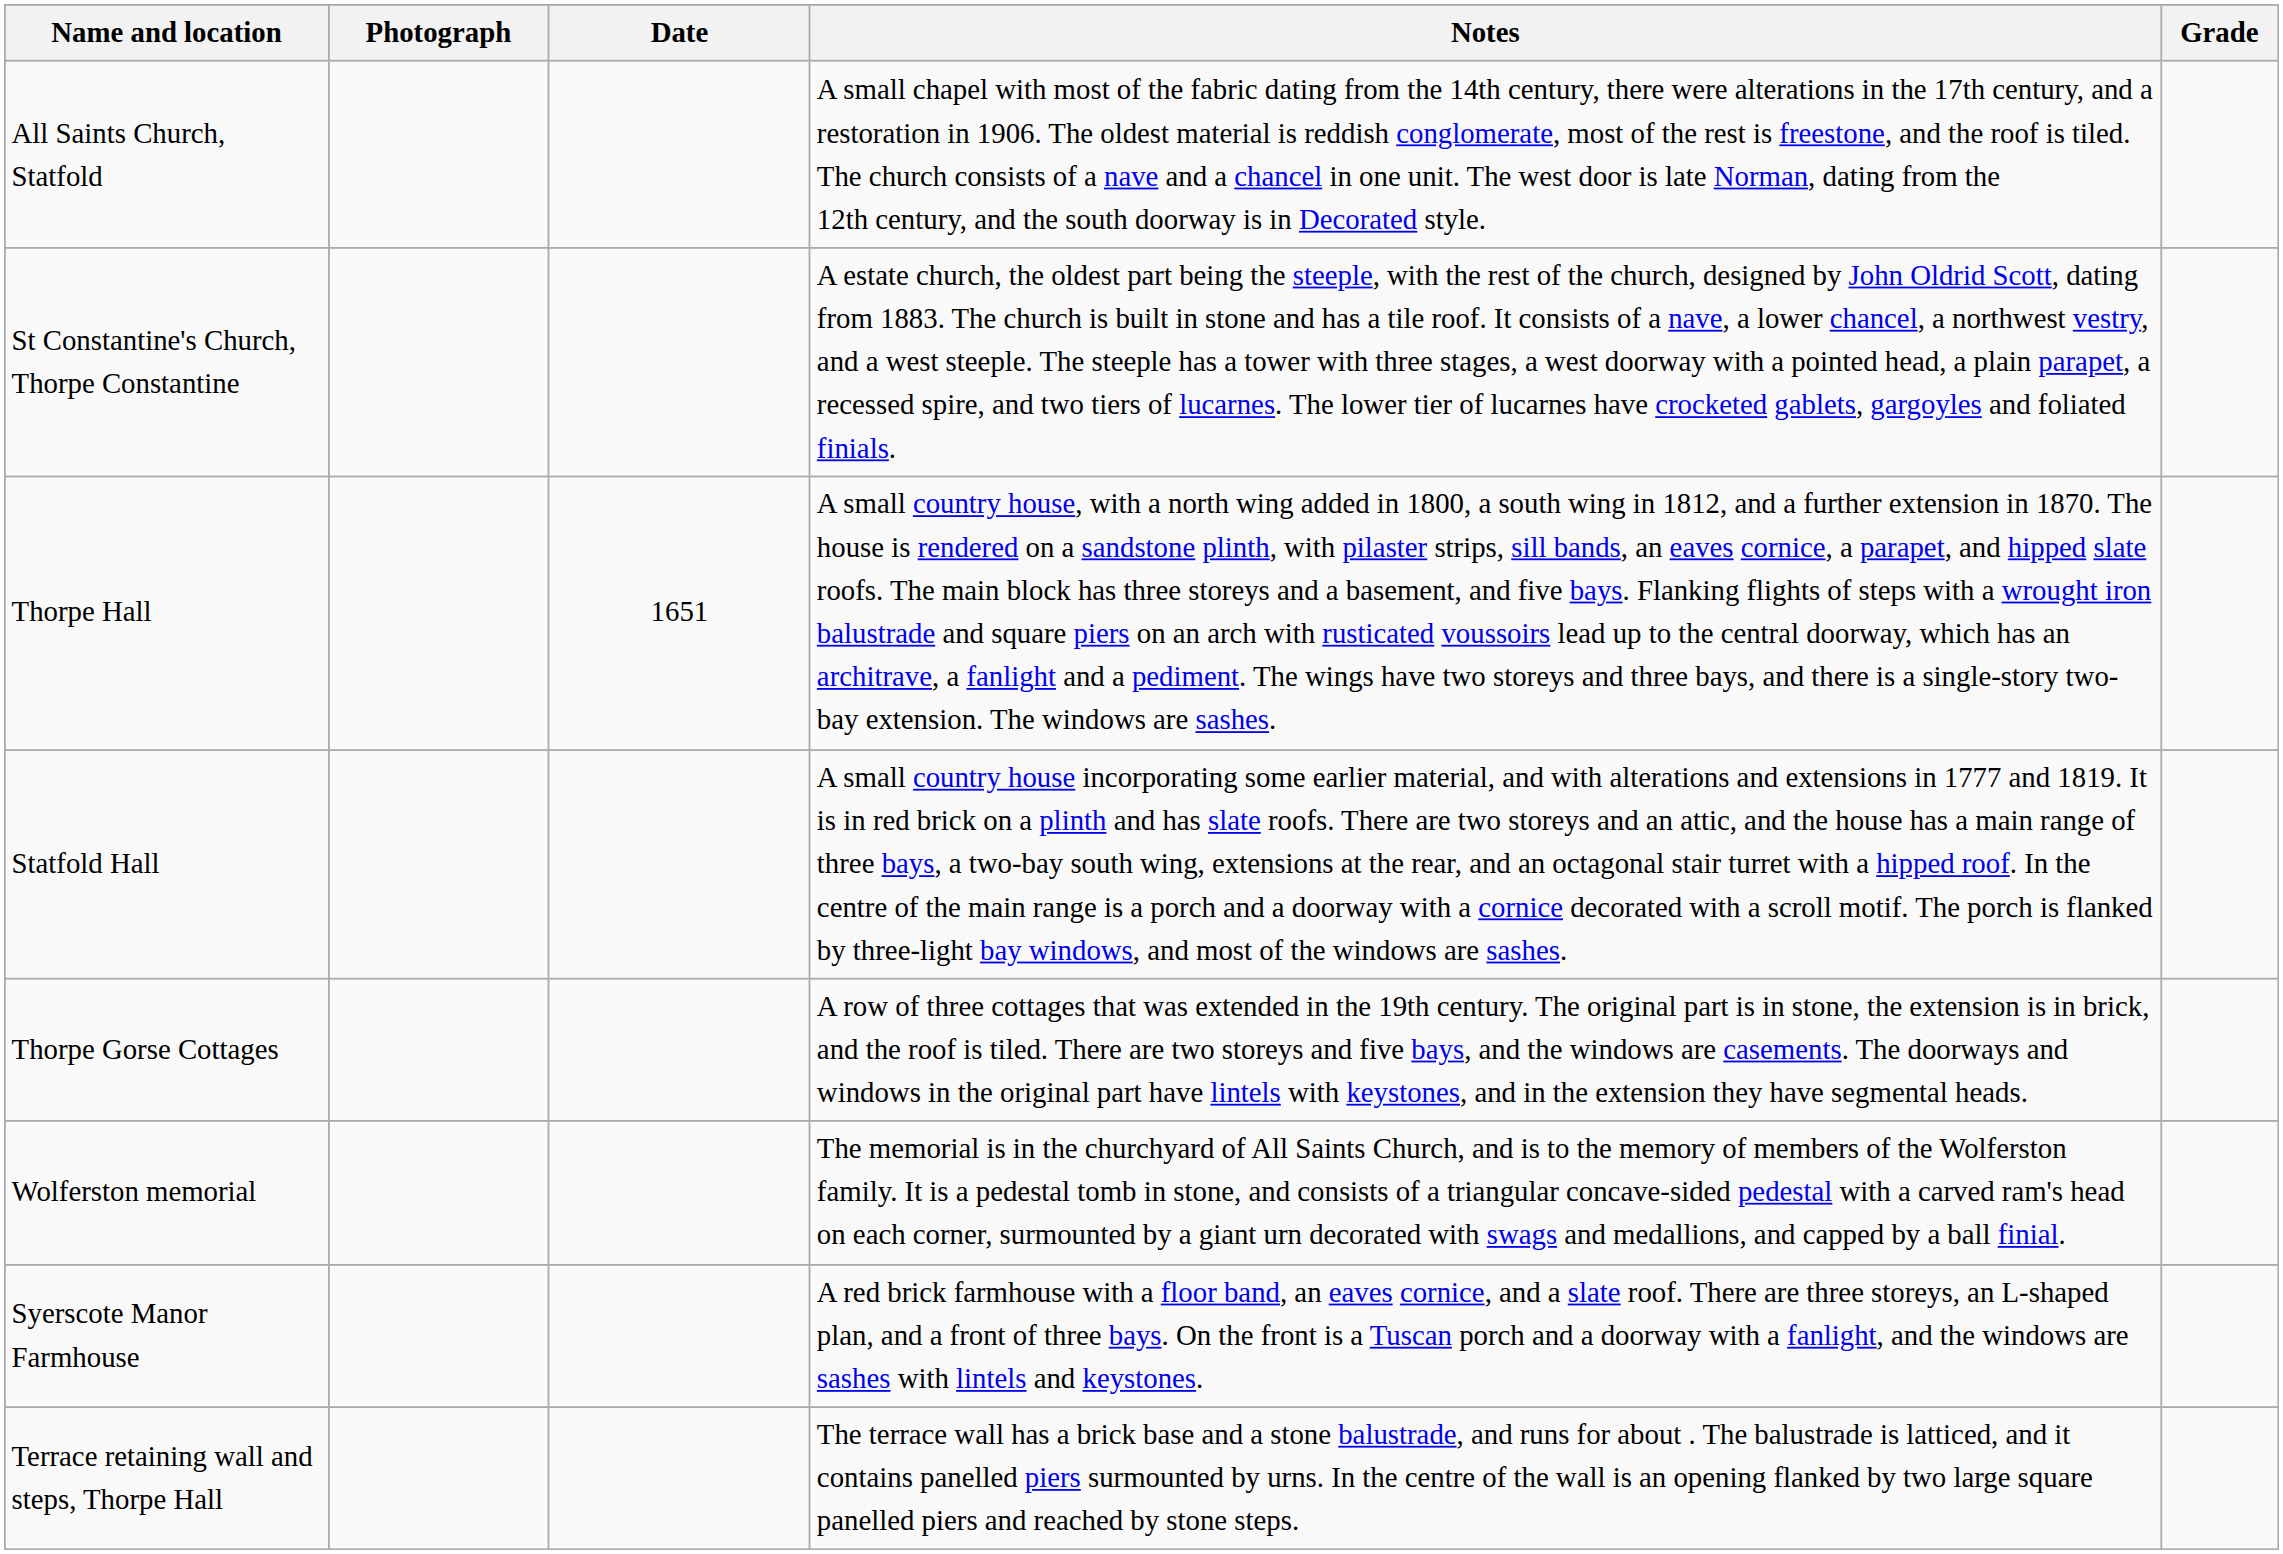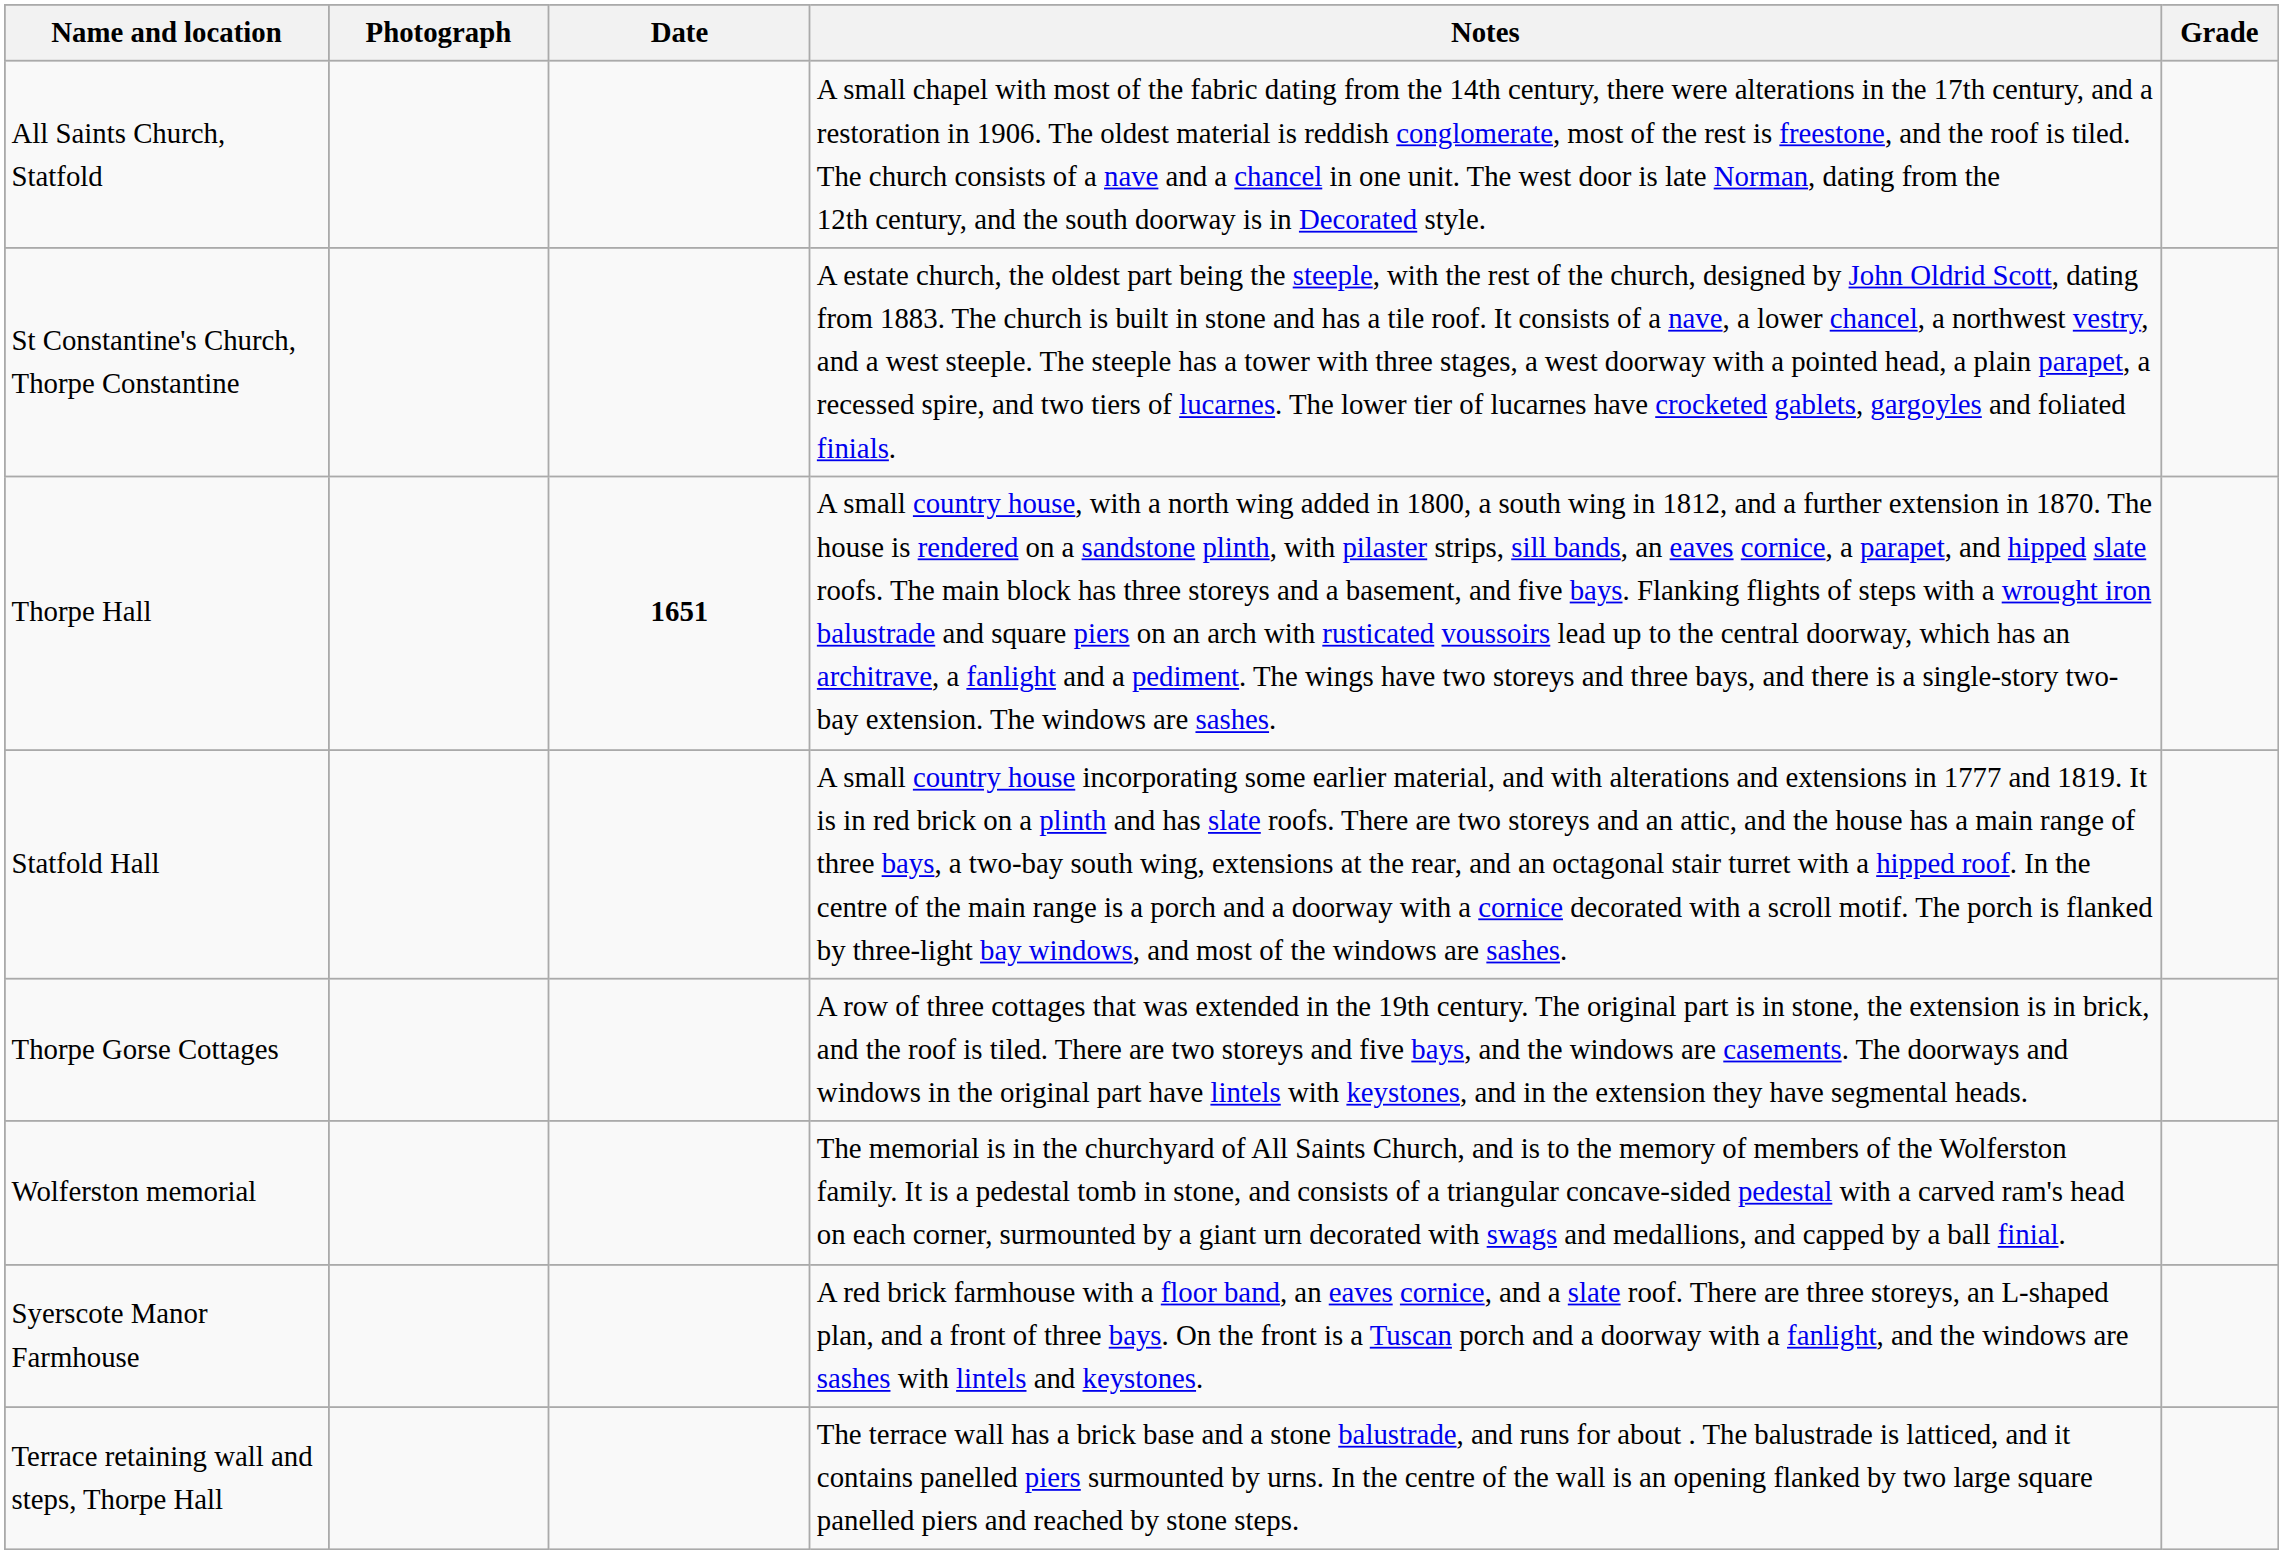 <table class="wikitable sortable plainrowheaders" style="width:100%; border:0; text-align:left; line-height:150%;">
 <tr>
 <th scope="col"  style="width:150px">Name and location</th>
 <th scope="col"  style="width:100px" class="unsortable">Photograph</th>
 <th scope="col"  style="width:120px">Date</th>
 <th scope="col"  style="width:650px" class="unsortable">Notes</th>
 <th scope="col"  style="width:50px">Grade</th>
 </tr>
 <tr>
 <td>All Saints Church, Statfold<br><small></small></td>
 <td></td>
 <td align="center"></td>
 <td>A small chapel with most of the fabric dating from the 14th century, there were alterations in the 17th century, and a restoration in 1906.  The oldest material is reddish <a href='#'>conglomerate</a>, most of the rest is <a href='#'>freestone</a>, and the roof is tiled.  The church consists of a <a href='#'>nave</a> and a <a href='#'>chancel</a> in one unit.  The west door is late <a href='#'>Norman</a>, dating from the 12th century, and the south doorway is in <a href='#'>Decorated</a> style.</td>
 <td align="center" ></td>
 </tr>
 <tr>
 <td>St Constantine's Church, Thorpe Constantine<br><small></small></td>
 <td></td>
 <td align="center"></td>
 <td>A estate church, the oldest part being the <a href='#'>steeple</a>, with the rest of the church, designed by <a href='#'>John Oldrid Scott</a>, dating from 1883.  The church is built in stone and has a tile roof.  It consists of a <a href='#'>nave</a>, a lower <a href='#'>chancel</a>, a northwest <a href='#'>vestry</a>, and a west steeple.  The steeple has a tower with three stages, a west doorway with a pointed head, a plain <a href='#'>parapet</a>, a recessed spire, and two tiers of <a href='#'>lucarnes</a>.  The lower tier of lucarnes have <a href='#'>crocketed</a> <a href='#'>gablets</a>, <a href='#'>gargoyles</a> and foliated <a href='#'>finials</a>.</td>
 <td align="center" ></td>
 </tr>
 <tr>
 <td>Thorpe Hall<br><small></small></td>
 <td></td>
-<td align="center">1651</td>
+<td align="center"><strong>1651</strong></td>
 <td>A small <a href='#'>country house</a>, with a north wing added in 1800, a south wing in 1812, and a further extension in 1870.  The house is <a href='#'>rendered</a> on a <a href='#'>sandstone</a> <a href='#'>plinth</a>, with <a href='#'>pilaster</a> strips, <a href='#'>sill bands</a>, an <a href='#'>eaves</a> <a href='#'>cornice</a>, a <a href='#'>parapet</a>, and <a href='#'>hipped</a> <a href='#'>slate</a> roofs.  The main block has three storeys and a basement, and five <a href='#'>bays</a>.  Flanking flights of steps with a <a href='#'>wrought iron</a> <a href='#'>balustrade</a> and square <a href='#'>piers</a> on an arch with <a href='#'>rusticated</a> <a href='#'>voussoirs</a> lead up to the central doorway, which has an <a href='#'>architrave</a>, a <a href='#'>fanlight</a> and a <a href='#'>pediment</a>.  The wings have two storeys and three bays, and there is a single-story two-bay extension.  The windows are <a href='#'>sashes</a>.</td>
 <td align="center" ></td>
 </tr>
 <tr>
 <td>Statfold Hall<br><small></small></td>
 <td></td>
 <td align="center"></td>
 <td>A small <a href='#'>country house</a> incorporating some earlier material, and with alterations and extensions in 1777 and 1819.  It is in red brick on a <a href='#'>plinth</a> and has <a href='#'>slate</a> roofs.  There are two storeys and an attic, and the house has a main range of three <a href='#'>bays</a>, a two-bay south wing, extensions at the rear, and an octagonal stair turret with a <a href='#'>hipped roof</a>.  In the centre of the main range is a porch and a doorway with a <a href='#'>cornice</a> decorated with a scroll motif.  The porch is flanked by three-light <a href='#'>bay windows</a>, and most of the windows are <a href='#'>sashes</a>.</td>
 <td align="center" ></td>
 </tr>
 <tr>
 <td>Thorpe Gorse Cottages<br><small></small></td>
 <td></td>
 <td align="center"></td>
 <td>A row of three cottages that was extended in the 19th century.  The original part is in stone, the extension is in brick, and the roof is tiled.  There are two storeys and five <a href='#'>bays</a>, and the windows are <a href='#'>casements</a>.  The doorways and windows in the original part have <a href='#'>lintels</a> with <a href='#'>keystones</a>, and in the extension they have segmental heads.</td>
 <td align="center" ></td>
 </tr>
 <tr>
 <td>Wolferston memorial<br><small></small></td>
 <td></td>
 <td align="center"></td>
 <td>The memorial is in the churchyard of All Saints Church, and is to the memory of members of the Wolferston family.  It is a pedestal tomb in stone, and consists of a triangular concave-sided <a href='#'>pedestal</a> with a carved ram's head on each corner, surmounted by a giant urn decorated with <a href='#'>swags</a> and medallions, and capped by a ball <a href='#'>finial</a>.</td>
 <td align="center" ></td>
 </tr>
 <tr>
 <td>Syerscote Manor Farmhouse<br><small></small></td>
 <td></td>
 <td align="center"></td>
 <td>A red brick farmhouse with a <a href='#'>floor band</a>, an <a href='#'>eaves</a> <a href='#'>cornice</a>, and a <a href='#'>slate</a> roof.  There are three storeys, an L-shaped plan, and a front of three <a href='#'>bays</a>.  On the front is a <a href='#'>Tuscan</a> porch and a doorway with a <a href='#'>fanlight</a>, and the windows are <a href='#'>sashes</a> with <a href='#'>lintels</a> and <a href='#'>keystones</a>.</td>
 <td align="center" ></td>
 </tr>
 <tr>
 <td>Terrace retaining wall and steps, Thorpe Hall<br><small></small></td>
 <td></td>
 <td align="center"></td>
 <td>The terrace wall has a brick base and a stone <a href='#'>balustrade</a>, and runs for about .  The balustrade is latticed, and it contains panelled <a href='#'>piers</a> surmounted by urns.  In the centre of the wall is an opening flanked by two large square panelled piers and reached by stone steps.</td>
 <td align="center" ></td>
 </tr>
 <tr>
 </tr>
 </table>
